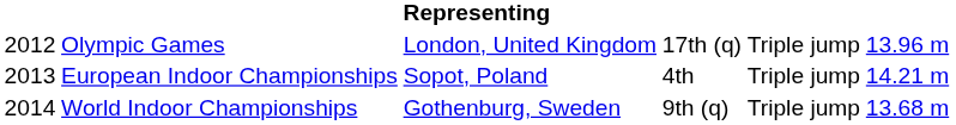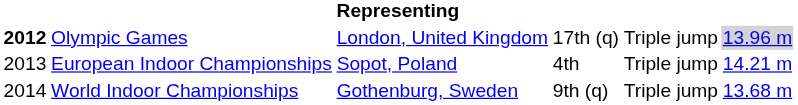 <table>
 <tr>
 <th colspan="6">Representing </th>
 </tr>
 <tr>
-<td>2012</td>
+<td><strong>2012</strong></td>
 <td><a href='#'>Olympic Games</a></td>
 <td><a href='#'>London, United Kingdom</a></td>
 <td>17th (q)</td>
 <td>Triple jump</td>
-<td><a href='#'>13.96 m</a></td>
+<td style="background: lightgrey;"><a href='#'>13.96 m</a></td>
 </tr>
 <tr>
 <td>2013</td>
 <td><a href='#'>European Indoor Championships</a></td>
 <td><a href='#'>Sopot, Poland</a></td>
 <td>4th</td>
 <td>Triple jump</td>
 <td><a href='#'>14.21 m</a></td>
 </tr>
 <tr>
 <td>2014</td>
 <td><a href='#'>World Indoor Championships</a></td>
 <td><a href='#'>Gothenburg, Sweden</a></td>
 <td>9th (q)</td>
 <td>Triple jump</td>
 <td><a href='#'>13.68 m</a></td>
 </tr>
 </table>
